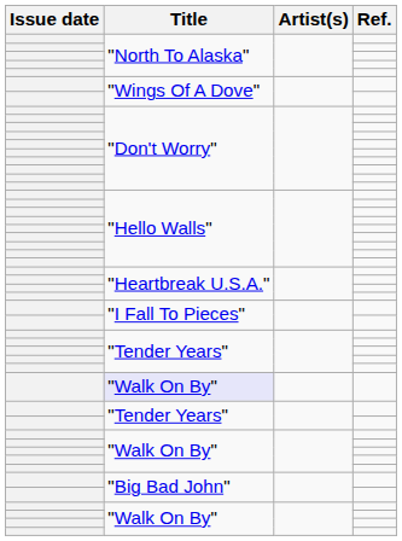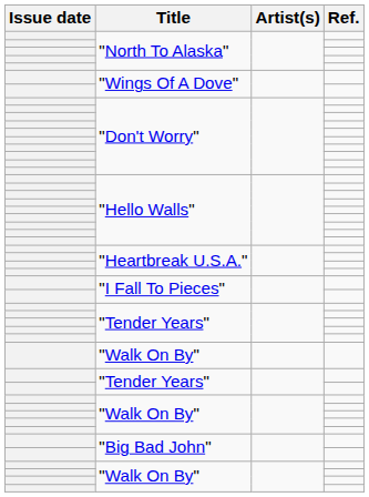 <table class="wikitable sortable plainrowheaders">
 <tr>
 <th scope=col>Issue date</th>
 <th scope=col>Title</th>
 <th scope=col>Artist(s)</th>
 <th scope=col class=unsortable>Ref.</th>
 </tr>
 <tr>
 <th scope=row></th>
 <td rowspan="5">"<a href='#'>North To Alaska</a>"</td>
 <td rowspan="5"></td>
 <td rowspan="1" align=center></td>
 </tr>
 <tr>
 <th scope=row></th>
 <td rowspan="1" align=center></td>
 </tr>
 <tr>
 <th scope=row></th>
 <td rowspan="1" align=center></td>
 </tr>
 <tr>
 <th scope=row></th>
 <td rowspan="1" align=center></td>
 </tr>
 <tr>
 <th scope=row></th>
 <td rowspan="1" align=center></td>
 </tr>
 <tr>
 <th scope=row></th>
 <td rowspan="2">"<a href='#'>Wings Of A Dove</a>"</td>
 <td rowspan="2"></td>
 <td rowspan="1" align=center></td>
 </tr>
 <tr>
 <th scope=row></th>
 <td rowspan="1" align=center></td>
 </tr>
 <tr>
 <th scope=row></th>
 <td rowspan="10">"<a href='#'>Don't Worry</a>"</td>
 <td rowspan="10"></td>
 <td rowspan="1" align=center></td>
 </tr>
 <tr>
 <th scope=row></th>
 <td rowspan="1" align=center></td>
 </tr>
 <tr>
 <th scope=row></th>
 <td rowspan="1" align=center></td>
 </tr>
 <tr>
 <th scope=row></th>
 <td rowspan="1" align=center></td>
 </tr>
 <tr>
 <th scope=row></th>
 <td rowspan="1" align=center></td>
 </tr>
 <tr>
 <th scope=row></th>
 <td rowspan="1" align=center></td>
 </tr>
 <tr>
 <th scope=row></th>
 <td rowspan="1" align=center></td>
 </tr>
 <tr>
 <th scope=row></th>
 <td rowspan="1" align=center></td>
 </tr>
 <tr>
 <th scope=row></th>
 <td rowspan="1" align=center></td>
 </tr>
 <tr>
 <th scope=row></th>
 <td rowspan="1" align=center></td>
 </tr>
 <tr>
 <th scope=row></th>
 <td rowspan="9">"<a href='#'>Hello Walls</a>"</td>
 <td rowspan="9"></td>
 <td rowspan="1" align=center></td>
 </tr>
 <tr>
 <th scope=row></th>
 <td rowspan="1" align=center></td>
 </tr>
 <tr>
 <th scope=row></th>
 <td rowspan="1" align=center></td>
 </tr>
 <tr>
 <th scope=row></th>
 <td rowspan="1" align=center></td>
 </tr>
 <tr>
 <th scope=row></th>
 <td rowspan="1" align=center></td>
 </tr>
 <tr>
 <th scope=row></th>
 <td rowspan="1" align=center></td>
 </tr>
 <tr>
 <th scope=row></th>
 <td rowspan="1" align=center></td>
 </tr>
 <tr>
 <th scope=row></th>
 <td rowspan="1" align=center></td>
 </tr>
 <tr>
 <th scope=row></th>
 <td rowspan="1" align=center></td>
 </tr>
 <tr>
 <th scope=row></th>
 <td rowspan="4">"<a href='#'>Heartbreak U.S.A.</a>"</td>
 <td rowspan="4"></td>
 <td rowspan="1" align=center></td>
 </tr>
 <tr>
 <th scope=row></th>
 <td rowspan="1" align=center></td>
 </tr>
 <tr>
 <th scope=row></th>
 <td rowspan="1" align=center></td>
 </tr>
 <tr>
 <th scope=row></th>
 <td rowspan="1" align=center></td>
 </tr>
 <tr>
 <th scope=row></th>
 <td rowspan="2">"<a href='#'>I Fall To Pieces</a>"</td>
 <td rowspan="2"></td>
 <td rowspan="1" align=center></td>
 </tr>
 <tr>
 <th scope=row></th>
 <td rowspan="1" align=center></td>
 </tr>
 <tr>
 <th scope=row></th>
 <td rowspan="5">"<a href='#'>Tender Years</a>"</td>
 <td rowspan="5"></td>
 <td rowspan="1" align=center></td>
 </tr>
 <tr>
 <th scope=row></th>
 <td rowspan="1" align=center></td>
 </tr>
 <tr>
 <th scope=row></th>
 <td rowspan="1" align=center></td>
 </tr>
 <tr>
 <th scope=row></th>
 <td rowspan="1" align=center></td>
 </tr>
 <tr>
 <th scope=row></th>
 <td rowspan="1" align=center></td>
 </tr>
 <tr>
 <th scope=row></th>
-<td rowspan="1" style="background: lavender;">"<a href='#'>Walk On By</a>"</td>
+<td rowspan="1">"<a href='#'>Walk On By</a>"</td>
 <td rowspan="1"></td>
 <td rowspan="1" align=center></td>
 </tr>
 <tr>
 <th scope=row></th>
 <td rowspan="2">"<a href='#'>Tender Years</a>"</td>
 <td rowspan="2"></td>
 <td rowspan="1" align=center></td>
 </tr>
 <tr>
 <th scope=row></th>
 <td rowspan="1" align=center></td>
 </tr>
 <tr>
 <th scope=row></th>
 <td rowspan="5">"<a href='#'>Walk On By</a>"</td>
 <td rowspan="5"></td>
 <td rowspan="1" align=center></td>
 </tr>
 <tr>
 <th scope=row></th>
 <td rowspan="1" align=center></td>
 </tr>
 <tr>
 <th scope=row></th>
 <td rowspan="1" align=center></td>
 </tr>
 <tr>
 <th scope=row></th>
 <td rowspan="1" align=center></td>
 </tr>
 <tr>
 <th scope=row></th>
 <td rowspan="1" align=center></td>
 </tr>
 <tr>
 <th scope=row></th>
 <td rowspan="2">"<a href='#'>Big Bad John</a>"</td>
 <td rowspan="2"></td>
 <td rowspan="1" align=center></td>
 </tr>
 <tr>
 <th scope=row></th>
 <td rowspan="1" align=center></td>
 </tr>
 <tr>
 <th scope=row></th>
 <td rowspan="4">"<a href='#'>Walk On By</a>"</td>
 <td rowspan="4"></td>
 <td rowspan="1" align=center></td>
 </tr>
 <tr>
 <th scope=row></th>
 <td rowspan="1" align=center></td>
 </tr>
 <tr>
 <th scope=row></th>
 <td rowspan="1" align=center></td>
 </tr>
 <tr>
 <th scope=row></th>
 <td rowspan="1" align=center></td>
 </tr>
 </table>
